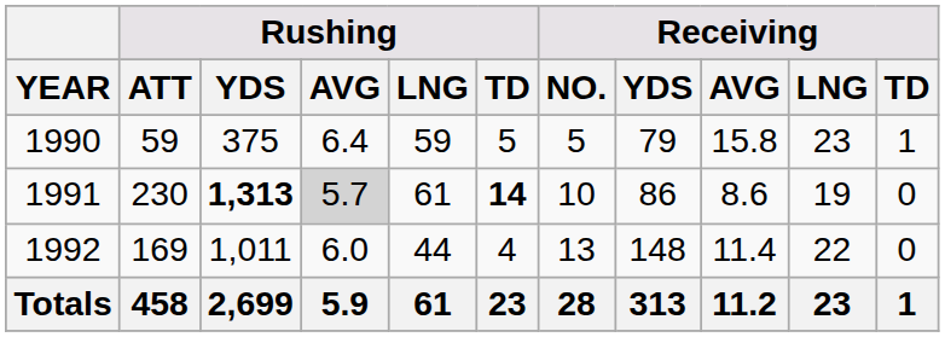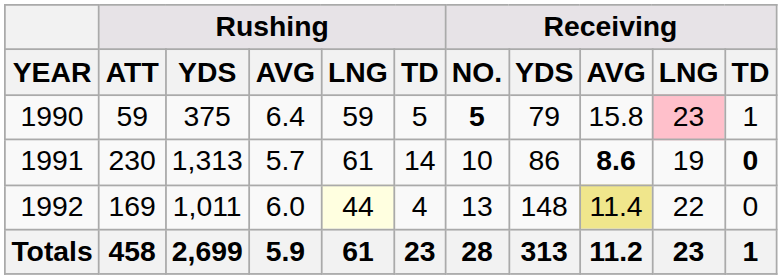 <table class=wikitable style="text-align:center">
 <tr>
 <th></th>
 <th colspan="5" style="background:#e7e3e7;">Rushing</th>
 <th colspan="5" style="background:#e7e3e7;">Receiving</th>
 </tr>
 <tr>
 <th>YEAR</th>
 <th>ATT</th>
 <th>YDS</th>
 <th>AVG</th>
 <th>LNG</th>
 <th>TD</th>
 <th>NO.</th>
 <th>YDS</th>
 <th>AVG</th>
 <th>LNG</th>
 <th>TD</th>
 </tr>
 <tr>
 <td>1990</td>
 <td>59</td>
 <td>375</td>
 <td>6.4</td>
 <td>59</td>
 <td>5</td>
-<td>5</td>
+<td><strong>5</strong></td>
 <td>79</td>
 <td>15.8</td>
-<td>23</td>
+<td style="background: pink;">23</td>
 <td>1</td>
 </tr>
 <tr>
 <td>1991</td>
 <td>230</td>
-<td><strong>1,313</strong></td>
-<td style="background: lightgrey;">5.7</td>
+<td>1,313</td>
+<td>5.7</td>
 <td>61</td>
-<td><strong>14</strong></td>
+<td>14</td>
 <td>10</td>
 <td>86</td>
-<td>8.6</td>
+<td><strong>8.6</strong></td>
 <td>19</td>
-<td>0</td>
+<td><strong>0</strong></td>
 </tr>
 <tr>
 <td>1992</td>
 <td>169</td>
 <td>1,011</td>
 <td>6.0</td>
-<td>44</td>
+<td style="background: lightyellow;">44</td>
 <td>4</td>
 <td>13</td>
 <td>148</td>
-<td>11.4</td>
+<td style="background: khaki;">11.4</td>
 <td>22</td>
 <td>0</td>
 </tr>
 <tr>
 <th>Totals</th>
 <th>458</th>
 <th>2,699</th>
 <th>5.9</th>
 <th>61</th>
 <th>23</th>
 <th>28</th>
 <th>313</th>
 <th>11.2</th>
 <th>23</th>
 <th>1</th>
 </tr>
 </table>
